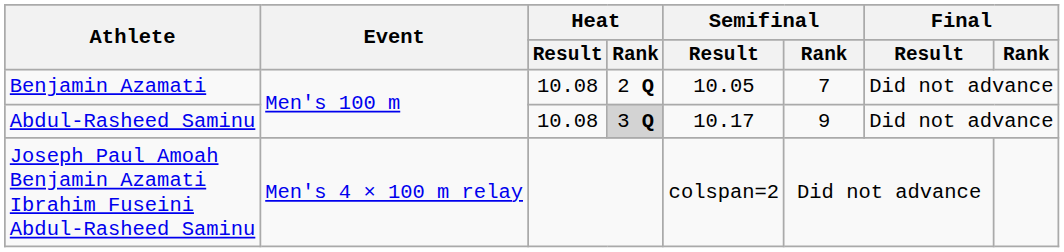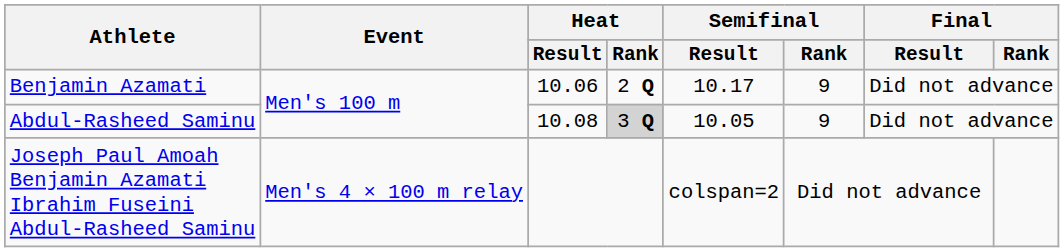 <table class="wikitable" style="font-size:90%">
 <tr>
 <th rowspan="2">Athlete</th>
 <th rowspan="2">Event</th>
 <th colspan="2">Heat</th>
 <th colspan="2">Semifinal</th>
 <th colspan="2">Final</th>
 </tr>
 <tr style="font-size:95%">
 <th>Result</th>
 <th>Rank</th>
 <th>Result</th>
 <th>Rank</th>
 <th>Result</th>
 <th>Rank</th>
 </tr>
 <tr align=center>
 <td align=left><a href='#'>Benjamin Azamati</a></td>
 <td rowspan=2 align=left><a href='#'>Men's 100 m</a></td>
-<td>10.08</td>
+<td>10.06</td>
 <td>2 <strong>Q</strong></td>
-<td>10.05</td>
-<td>7</td>
+<td>10.17</td>
+<td>9</td>
 <td colspan=2>Did not advance</td>
 </tr>
 <tr align=center>
 <td align=left><a href='#'>Abdul-Rasheed Saminu</a></td>
 <td>10.08</td>
 <td style="background: lightgrey;">3 <strong>Q</strong></td>
-<td>10.17</td>
+<td>10.05</td>
 <td>9</td>
 <td colspan=2>Did not advance</td>
 </tr>
 <tr align=center>
 <td align=left><a href='#'>Joseph Paul Amoah</a><br><a href='#'>Benjamin Azamati</a><br><a href='#'>Ibrahim Fuseini</a><br><a href='#'>Abdul-Rasheed Saminu</a></td>
 <td align=left><a href='#'>Men's 4 × 100 m relay</a></td>
 <td colspan=2></td>
 <td>colspan=2  </td>
 <td colspan=2>Did not advance</td>
 </tr>
 </table>
